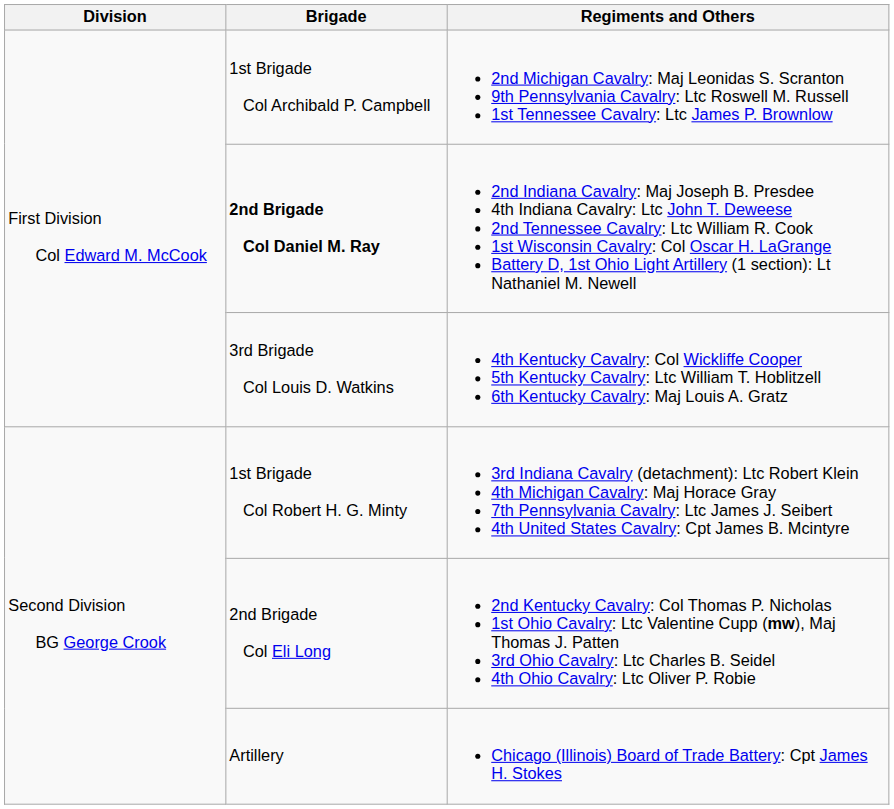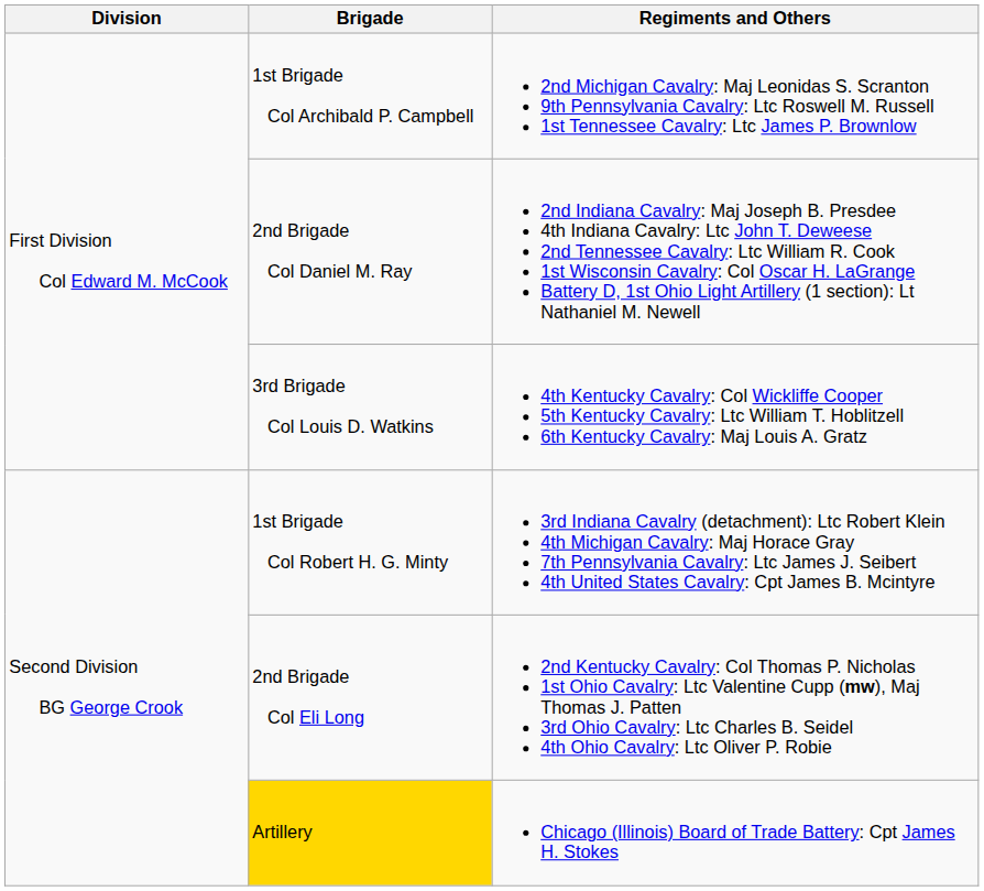 <table class="wikitable">
 <tr>
 <th width=25%>Division</th>
 <th width=25%>Brigade</th>
 <th>Regiments and Others</th>
 </tr>
 <tr>
 <td rowspan=3><br>First Division<br><br>      Col <a href='#'>Edward M. McCook</a></td>
 <td>1st Brigade<br><br>   Col Archibald P. Campbell</td>
 <td><br><ul><li><a href='#'>2nd Michigan Cavalry</a>: Maj Leonidas S. Scranton</li><li><a href='#'>9th Pennsylvania Cavalry</a>: Ltc Roswell M. Russell</li><li><a href='#'>1st Tennessee Cavalry</a>: Ltc <a href='#'>James P. Brownlow</a></li></ul></td>
 </tr>
 <tr>
-<td><strong>2nd Brigade<br><br>   Col Daniel M. Ray</strong></td>
+<td>2nd Brigade<br><br>   Col Daniel M. Ray</td>
 <td><br><ul><li><a href='#'>2nd Indiana Cavalry</a>: Maj Joseph B. Presdee</li><li>4th Indiana Cavalry: Ltc <a href='#'>John T. Deweese</a></li><li><a href='#'>2nd Tennessee Cavalry</a>: Ltc William R. Cook</li><li><a href='#'>1st Wisconsin Cavalry</a>: Col <a href='#'>Oscar H. LaGrange</a></li><li><a href='#'>Battery D, 1st Ohio Light Artillery</a> (1 section): Lt Nathaniel M. Newell</li></ul></td>
 </tr>
 <tr>
 <td>3rd Brigade<br><br>   Col Louis D. Watkins</td>
 <td><br><ul><li><a href='#'>4th Kentucky Cavalry</a>: Col <a href='#'>Wickliffe Cooper</a></li><li><a href='#'>5th Kentucky Cavalry</a>: Ltc William T. Hoblitzell</li><li><a href='#'>6th Kentucky Cavalry</a>: Maj Louis A. Gratz</li></ul></td>
 </tr>
 <tr>
 <td rowspan=3><br>Second Division<br><br>      BG <a href='#'>George Crook</a></td>
 <td>1st Brigade<br><br>   Col Robert H. G. Minty</td>
 <td><br><ul><li><a href='#'>3rd Indiana Cavalry</a> (detachment): Ltc Robert Klein</li><li><a href='#'>4th Michigan Cavalry</a>: Maj Horace Gray</li><li><a href='#'>7th Pennsylvania Cavalry</a>: Ltc James J. Seibert</li><li><a href='#'>4th United States Cavalry</a>: Cpt James B. Mcintyre</li></ul></td>
 </tr>
 <tr>
 <td>2nd Brigade<br><br>   Col <a href='#'>Eli Long</a></td>
 <td><br><ul><li><a href='#'>2nd Kentucky Cavalry</a>: Col Thomas P. Nicholas</li><li><a href='#'>1st Ohio Cavalry</a>: Ltc Valentine Cupp (<strong>mw</strong>), Maj Thomas J. Patten</li><li><a href='#'>3rd Ohio Cavalry</a>: Ltc Charles B. Seidel</li><li><a href='#'>4th Ohio Cavalry</a>: Ltc Oliver P. Robie</li></ul></td>
 </tr>
 <tr>
-<td>Artillery</td>
+<td style="background: gold;">Artillery</td>
 <td><br><ul><li><a href='#'>Chicago (Illinois) Board of Trade Battery</a>: Cpt <a href='#'>James H. Stokes</a></li></ul></td>
 </tr>
 </table>
